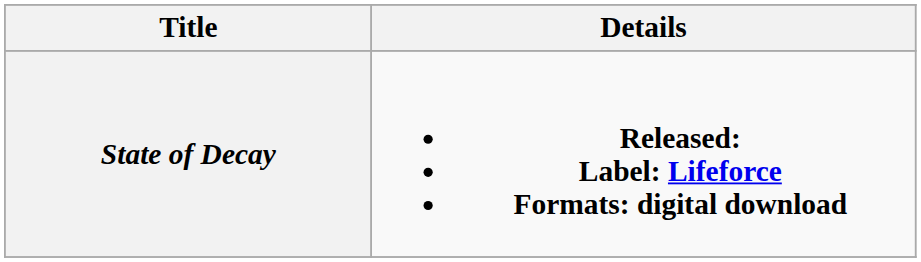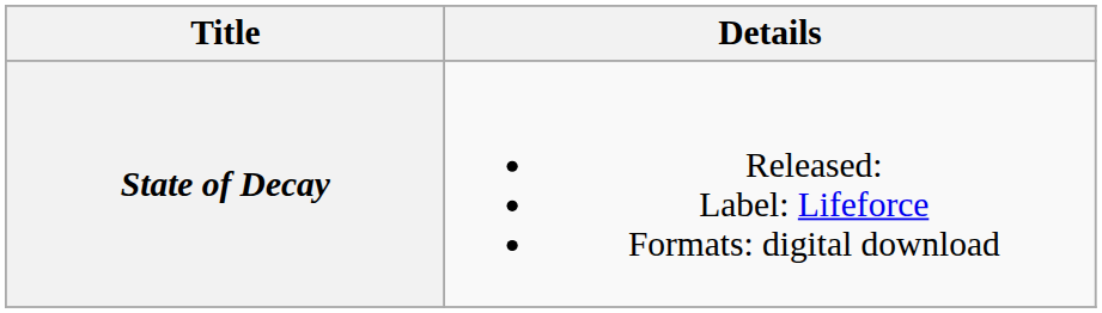 <table class="wikitable plainrowheaders" style="text-align:center;">
 <tr>
 <th scope="col" style="width:12em;">Title</th>
 <th scope="col" style="width:18em;">Details</th>
 </tr>
 <tr>
 <th scope="row"><em>State of Decay</em></th>
-<td><strong><br><ul><li>Released: </li><li>Label: <a href='#'>Lifeforce</a></li><li>Formats: digital download</li></ul></strong></td>
+<td><br><ul><li>Released: </li><li>Label: <a href='#'>Lifeforce</a></li><li>Formats: digital download</li></ul></td>
 </tr>
 </table>
